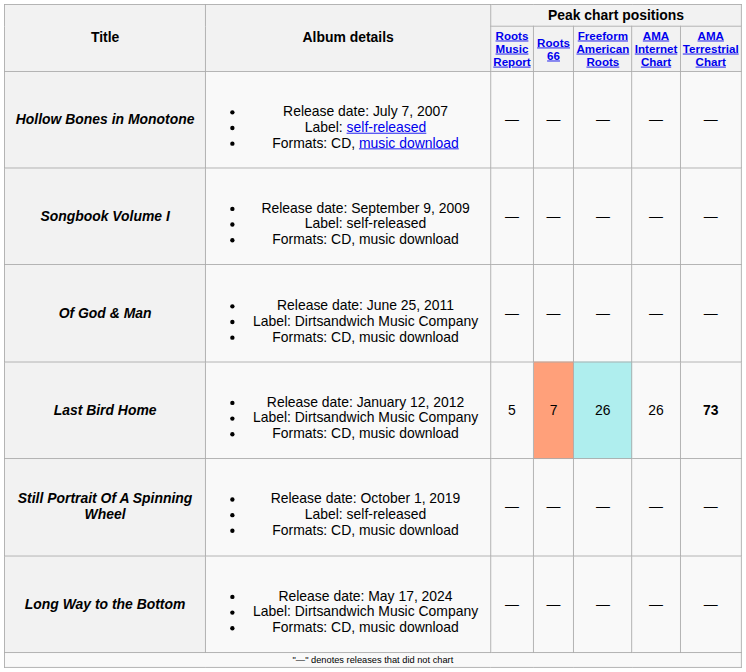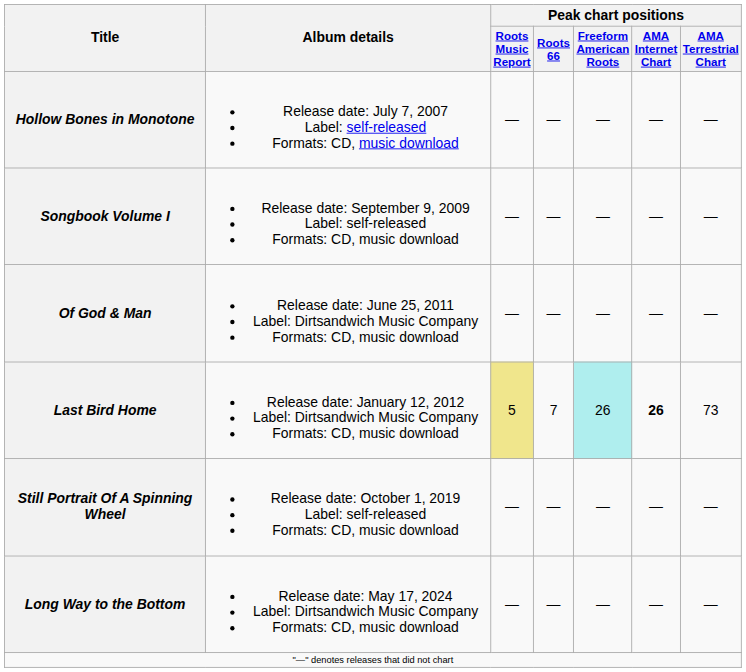 <table class="wikitable plainrowheaders" style="text-align:center;">
 <tr>
 <th rowspan="2" style="width:14em;">Title</th>
 <th rowspan="2" style="width:20em;">Album details</th>
 <th colspan="6">Peak chart positions</th>
 </tr>
 <tr style="font-size:smaller;">
 <th style="width:40px;"><a href='#'>Roots Music Report</a><br></th>
 <th style="width:40px;"><a href='#'>Roots 66</a><br></th>
 <th style="width:40px;"><a href='#'>Freeform American Roots</a><br></th>
 <th style="width:40px;"><a href='#'>AMA Internet Chart</a><br></th>
 <th style="width:40px;"><a href='#'>AMA Terrestrial Chart</a><br></th>
 </tr>
 <tr>
 <th scope="row"><em>Hollow Bones in Monotone</em></th>
 <td><br><ul><li>Release date: July 7, 2007</li><li>Label: <a href='#'>self-released</a></li><li>Formats: CD, <a href='#'>music download</a></li></ul></td>
 <td>—</td>
 <td>—</td>
 <td>—</td>
 <td>—</td>
 <td>—</td>
 </tr>
 <tr>
 <th scope="row"><em>Songbook Volume I</em></th>
 <td><br><ul><li>Release date: September 9, 2009</li><li>Label: self-released</li><li>Formats: CD, music download</li></ul></td>
 <td>—</td>
 <td>—</td>
 <td>—</td>
 <td>—</td>
 <td>—</td>
 </tr>
 <tr>
 <th scope="row"><em>Of God & Man</em></th>
 <td><br><ul><li>Release date: June 25, 2011</li><li>Label: Dirtsandwich Music Company</li><li>Formats: CD, music download</li></ul></td>
 <td>—</td>
 <td>—</td>
 <td>—</td>
 <td>—</td>
 <td>—</td>
 </tr>
 <tr>
 <th scope="row"><em>Last Bird Home</em></th>
 <td><br><ul><li>Release date: January 12, 2012</li><li>Label: Dirtsandwich Music Company</li><li>Formats: CD, music download</li></ul></td>
-<td>5</td>
-<td style="background: lightsalmon;">7</td>
+<td style="background: khaki;">5</td>
+<td>7</td>
 <td style="background: paleturquoise;">26</td>
-<td>26</td>
-<td><strong>73</strong></td>
+<td><strong>26</strong></td>
+<td>73</td>
 </tr>
 <tr>
 <th scope="row"><em>Still Portrait Of A Spinning Wheel</em></th>
 <td><br><ul><li>Release date: October 1, 2019</li><li>Label: self-released</li><li>Formats: CD, music download</li></ul></td>
 <td>—</td>
 <td>—</td>
 <td>—</td>
 <td>—</td>
 <td>—</td>
 </tr>
 <tr>
 <th scope="row"><em>Long Way to the Bottom</em></th>
 <td><br><ul><li>Release date: May 17, 2024</li><li>Label: Dirtsandwich Music Company</li><li>Formats: CD, music download</li></ul></td>
 <td>—</td>
 <td>—</td>
 <td>—</td>
 <td>—</td>
 <td>—</td>
 </tr>
 <tr>
 <td colspan="10" style="font-size:8pt">"—" denotes releases that did not chart</td>
 </tr>
 </table>
